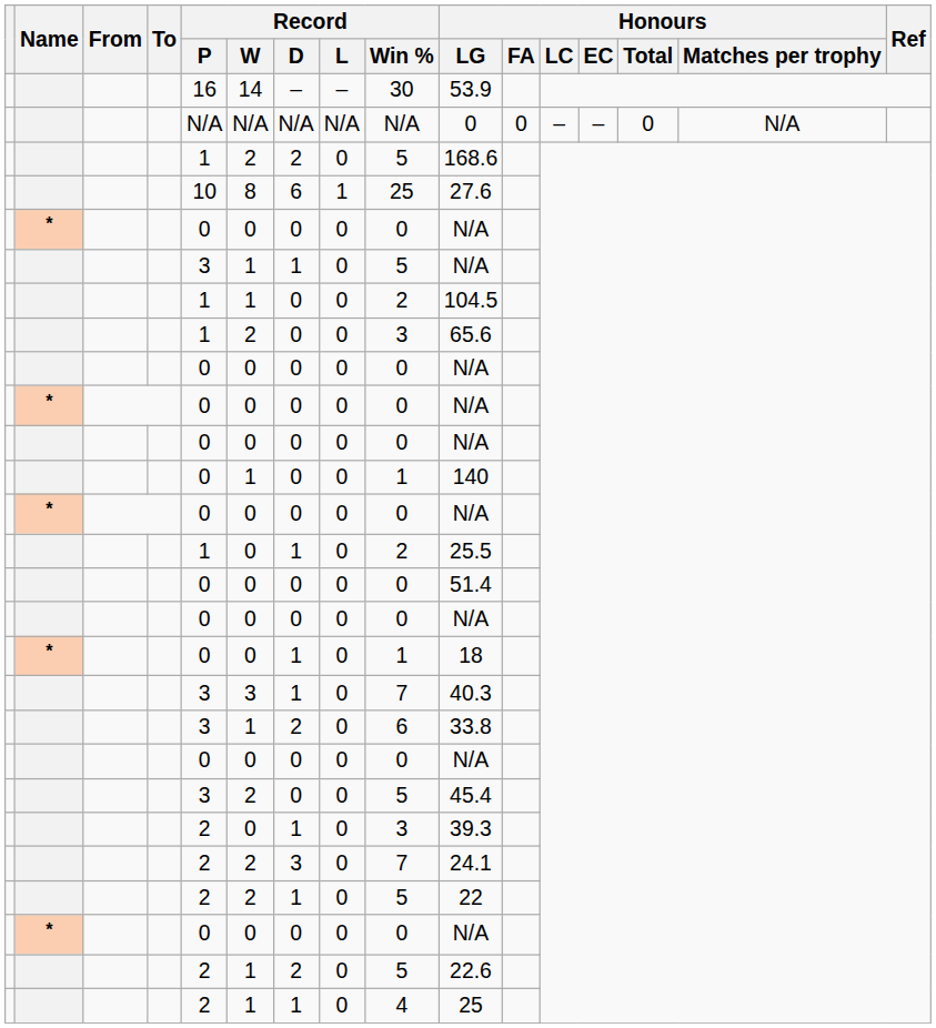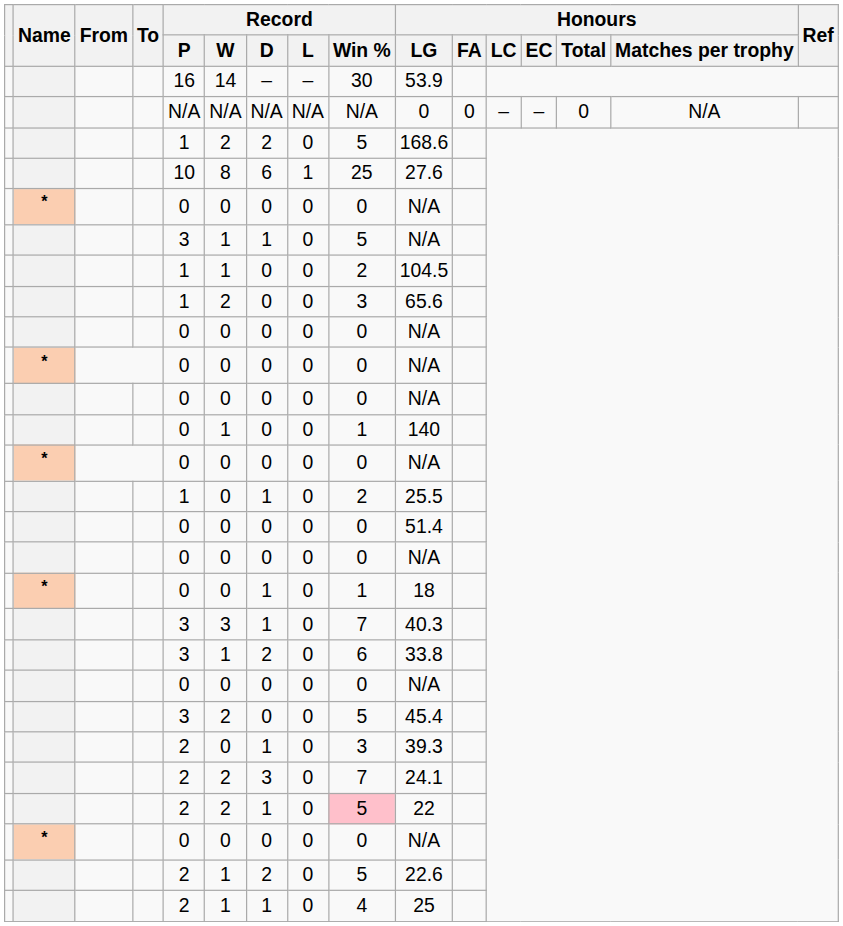 <table class="wikitable plainrowheaders sortable" style="text-align:center">
 <tr>
 <th rowspan="2" scope=col></th>
 <th rowspan="2" scope=col>Name</th>
 <th rowspan="2" scope=col>From</th>
 <th rowspan="2" class="unsortable" scope=col>To</th>
 <th colspan="5">Record</th>
 <th colspan="6">Honours</th>
 <th rowspan="2" class="unsortable">Ref</th>
 </tr>
 <tr>
 <th scope=col>P</th>
 <th scope=col>W</th>
 <th scope=col>D</th>
 <th scope=col>L</th>
 <th scope=col>Win %</th>
 <th scope=col>LG</th>
 <th scope=col>FA</th>
 <th scope=col>LC</th>
 <th scope=col>EC</th>
 <th>Total</th>
 <th>Matches per trophy</th>
 </tr>
 <tr>
 <td></td>
 <th scope=row style=text-align:left></th>
 <td align=left></td>
 <td align=left><br></td>
 <td>16</td>
 <td>14</td>
 <td>–</td>
 <td>–</td>
 <td>30</td>
 <td>53.9</td>
 <td></td>
 </tr>
 <tr>
 <td></td>
 <th scope=row style=text-align:left></th>
 <td align=left></td>
 <td align=left></td>
 <td>N/A</td>
 <td>N/A</td>
 <td>N/A</td>
 <td>N/A</td>
 <td>N/A</td>
 <td>0</td>
 <td>0</td>
 <td>–</td>
 <td>–</td>
 <td>0</td>
 <td>N/A</td>
 <td></td>
 </tr>
 <tr>
 <td></td>
 <th scope=row style=text-align:left></th>
 <td align=left></td>
 <td align=left><br></td>
 <td>1</td>
 <td>2</td>
 <td>2</td>
 <td>0</td>
 <td>5</td>
 <td>168.6</td>
 <td></td>
 </tr>
 <tr>
 <td></td>
 <th scope=row style=text-align:left></th>
 <td align=left></td>
 <td align=left><br></td>
 <td>10</td>
 <td>8</td>
 <td>6</td>
 <td>1</td>
 <td>25</td>
 <td>27.6</td>
 <td></td>
 </tr>
 <tr>
 <td></td>
 <th scope=row style=background:#FBCEB1><em></em><sup>*</sup></th>
 <td align=left></td>
 <td align=left><br></td>
 <td>0</td>
 <td>0</td>
 <td>0</td>
 <td>0</td>
 <td>0</td>
 <td>N/A</td>
 <td></td>
 </tr>
 <tr>
 <td></td>
 <th scope=row style=text-align:left></th>
 <td align=left></td>
 <td align=left><br></td>
 <td>3</td>
 <td>1</td>
 <td>1</td>
 <td>0</td>
 <td>5</td>
 <td>N/A</td>
 <td></td>
 </tr>
 <tr>
 <td></td>
 <th scope=row style=text-align:left></th>
 <td align=left></td>
 <td align=left><br></td>
 <td>1</td>
 <td>1</td>
 <td>0</td>
 <td>0</td>
 <td>2</td>
 <td>104.5</td>
 <td></td>
 </tr>
 <tr>
 <td></td>
 <th scope=row style=text-align:left></th>
 <td align=left></td>
 <td align=left><br></td>
 <td>1</td>
 <td>2</td>
 <td>0</td>
 <td>0</td>
 <td>3</td>
 <td>65.6</td>
 <td></td>
 </tr>
 <tr>
 <td></td>
 <th scope=row style=text-align:left></th>
 <td align=left></td>
 <td align=left><br></td>
 <td>0</td>
 <td>0</td>
 <td>0</td>
 <td>0</td>
 <td>0</td>
 <td>N/A</td>
 <td></td>
 </tr>
 <tr>
 <td></td>
 <th scope=row style=background:#FBCEB1><em></em><sup>*</sup></th>
 <td colspan="2" align=left><br></td>
 <td>0</td>
 <td>0</td>
 <td>0</td>
 <td>0</td>
 <td>0</td>
 <td>N/A</td>
 <td></td>
 </tr>
 <tr>
 <td></td>
 <th scope=row style=text-align:left></th>
 <td align=left></td>
 <td align=left><br></td>
 <td>0</td>
 <td>0</td>
 <td>0</td>
 <td>0</td>
 <td>0</td>
 <td>N/A</td>
 <td></td>
 </tr>
 <tr>
 <td></td>
 <th scope=row style=text-align:left></th>
 <td align=left></td>
 <td align=left><br></td>
 <td>0</td>
 <td>1</td>
 <td>0</td>
 <td>0</td>
 <td>1</td>
 <td>140</td>
 <td></td>
 </tr>
 <tr>
 <td></td>
 <th scope=row style=background:#FBCEB1><em></em><sup>*</sup></th>
 <td colspan="2" align=left><br></td>
 <td>0</td>
 <td>0</td>
 <td>0</td>
 <td>0</td>
 <td>0</td>
 <td>N/A</td>
 <td></td>
 </tr>
 <tr>
 <td></td>
 <th scope=row style=text-align:left></th>
 <td align=left></td>
 <td align=left><br></td>
 <td>1</td>
 <td>0</td>
 <td>1</td>
 <td>0</td>
 <td>2</td>
 <td>25.5</td>
 <td></td>
 </tr>
 <tr>
 <td></td>
 <th scope=row style=text-align:left></th>
 <td align=left></td>
 <td align=left><br></td>
 <td>0</td>
 <td>0</td>
 <td>0</td>
 <td>0</td>
 <td>0</td>
 <td>51.4</td>
 <td></td>
 </tr>
 <tr>
 <td></td>
 <th scope=row style=text-align:left></th>
 <td align=left></td>
 <td align=left><br></td>
 <td>0</td>
 <td>0</td>
 <td>0</td>
 <td>0</td>
 <td>0</td>
 <td>N/A</td>
 <td></td>
 </tr>
 <tr>
 <td></td>
 <th scope=row style=background:#FBCEB1><em></em><sup>*</sup></th>
 <td align=left></td>
 <td align=left><br></td>
 <td>0</td>
 <td>0</td>
 <td>1</td>
 <td>0</td>
 <td>1</td>
 <td>18</td>
 <td></td>
 </tr>
 <tr>
 <td></td>
 <th scope=row style=text-align:left></th>
 <td align=left></td>
 <td align=left><br></td>
 <td>3</td>
 <td>3</td>
 <td>1</td>
 <td>0</td>
 <td>7</td>
 <td>40.3</td>
 <td></td>
 </tr>
 <tr>
 <td></td>
 <th scope=row style=text-align:left></th>
 <td align=left></td>
 <td align=left><br></td>
 <td>3</td>
 <td>1</td>
 <td>2</td>
 <td>0</td>
 <td>6</td>
 <td>33.8</td>
 <td></td>
 </tr>
 <tr>
 <td></td>
 <th scope=row style=text-align:left></th>
 <td align=left></td>
 <td align=left><br></td>
 <td>0</td>
 <td>0</td>
 <td>0</td>
 <td>0</td>
 <td>0</td>
 <td>N/A</td>
 <td></td>
 </tr>
 <tr>
 <td></td>
 <th scope=row style=text-align:left></th>
 <td align=left></td>
 <td align=left><br></td>
 <td>3</td>
 <td>2</td>
 <td>0</td>
 <td>0</td>
 <td>5</td>
 <td>45.4</td>
 <td></td>
 </tr>
 <tr>
 <td></td>
 <th scope=row style=text-align:left></th>
 <td align=left></td>
 <td align=left><br></td>
 <td>2</td>
 <td>0</td>
 <td>1</td>
 <td>0</td>
 <td>3</td>
 <td>39.3</td>
 <td></td>
 </tr>
 <tr>
 <td></td>
 <th scope=row style=text-align:left></th>
 <td align=left></td>
 <td align=left><br></td>
 <td>2</td>
 <td>2</td>
 <td>3</td>
 <td>0</td>
 <td>7</td>
 <td>24.1</td>
 <td></td>
 </tr>
 <tr>
 <td></td>
 <th scope=row style=text-align:left></th>
 <td align=left></td>
 <td align=left><br></td>
 <td>2</td>
 <td>2</td>
 <td>1</td>
 <td>0</td>
-<td>5</td>
+<td style="background: pink;">5</td>
 <td>22</td>
 <td></td>
 </tr>
 <tr>
 <td></td>
 <th scope=row style=background:#FBCEB1><em></em><sup>*</sup></th>
 <td align=left></td>
 <td align=left><br></td>
 <td>0</td>
 <td>0</td>
 <td>0</td>
 <td>0</td>
 <td>0</td>
 <td>N/A</td>
 <td></td>
 </tr>
 <tr>
 <td></td>
 <th scope=row style=text-align:left></th>
 <td align=left></td>
 <td align=left><br></td>
 <td>2</td>
 <td>1</td>
 <td>2</td>
 <td>0</td>
 <td>5</td>
 <td>22.6</td>
 <td></td>
 </tr>
 <tr>
 <td></td>
 <th scope=row style=text-align:left></th>
 <td align=left></td>
 <td align=left><br></td>
 <td>2</td>
 <td>1</td>
 <td>1</td>
 <td>0</td>
 <td>4</td>
 <td>25</td>
 <td></td>
 </tr>
 <tr>
 </tr>
 </table>
